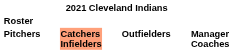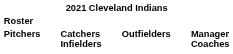 <table class="toccolours" style="font-size: 95%;">
 <tr>
 <th colspan="10">2021 Cleveland Indians</th>
 </tr>
 <tr>
 <td colspan="10"><strong>Roster</strong></td>
 </tr>
 <tr>
 <td valign="top"><strong>Pitchers</strong><br>                       </td>
 <td width="25px"></td>
-<td valign="top" style="background: lightsalmon;"><strong>Catchers</strong><br>     <strong>Infielders</strong>         </td>
+<td valign="top"><strong>Catchers</strong><br>     <strong>Infielders</strong>         </td>
 <td width="25px"></td>
 <td valign="top"><strong>Outfielders</strong><br>         </td>
 <td width="25px"></td>
 <td valign="top"><strong>Manager</strong><br>   <strong>Coaches</strong>                          </td>
 </tr>
 </table>
